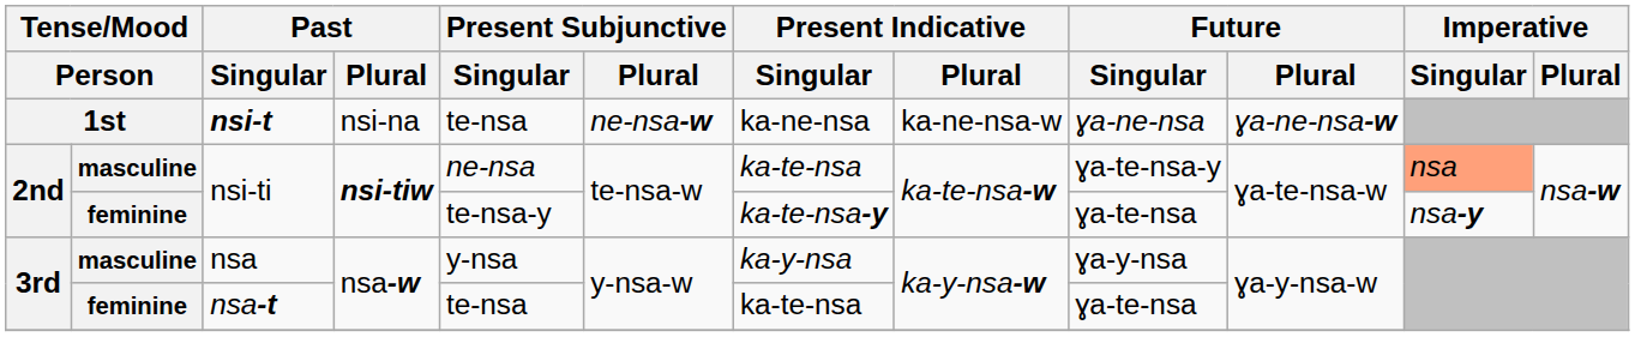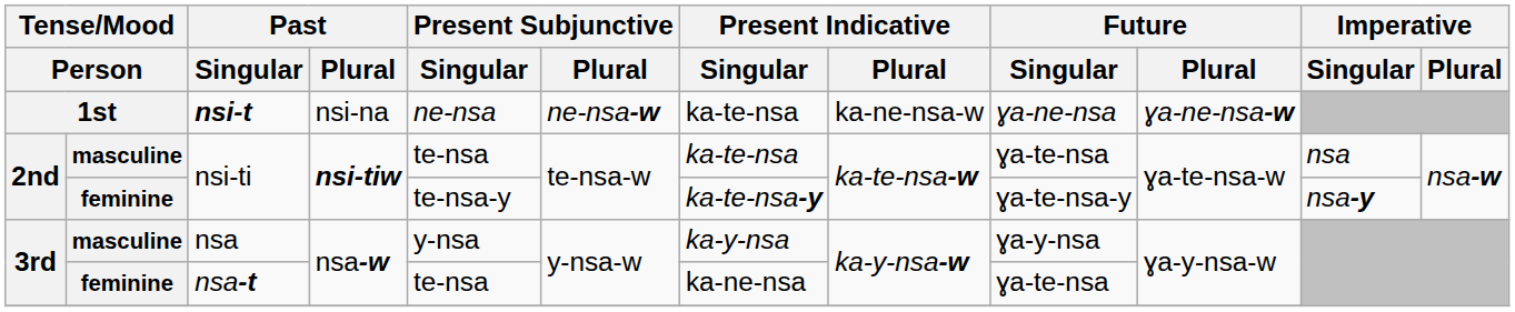 <table class="wikitable">
 <tr>
 <th colspan=2>Tense/Mood</th>
 <th colspan=2>Past</th>
 <th colspan=2>Present Subjunctive</th>
 <th colspan=2>Present Indicative</th>
 <th colspan=2>Future</th>
 <th colspan=2>Imperative</th>
 </tr>
 <tr>
 <th colspan=2>Person</th>
 <th>Singular</th>
 <th>Plural</th>
 <th>Singular</th>
 <th>Plural</th>
 <th>Singular</th>
 <th>Plural</th>
 <th>Singular</th>
 <th>Plural</th>
 <th>Singular</th>
 <th>Plural</th>
 </tr>
 <tr>
 <th colspan=2>1st</th>
 <td><strong><em>nsi<strong>-t<em></td>
 <td></em></strong>nsi</strong>-na</em></td>
-<td></em>te-nsa<em></td>
+<td><em>ne-nsa</em></td>
 <td><em>ne-nsa<strong>-w<strong><em></td>
-<td></em>ka-ne-nsa<em></td>
+<td></em>ka-te-nsa<em></td>
 <td></em>ka-ne-nsa</strong>-w</em></strong></td>
 <td><em>ɣa-ne-nsa</em></td>
 <td><em>ɣa-ne-nsa<strong>-w<strong><em></td>
 <td colspan=2 style=background:silver></td>
 </tr>
 <tr>
 <th rowspan=2>2nd</th>
 <th><small>masculine</small></th>
 <td rowspan=2></em></strong>nsi</strong>-ti</em></td>
 <td rowspan=2><strong><em>nsi<strong>-tiw<em></td>
-<td><em>ne-nsa</em></td>
+<td></em>te-nsa<em></td>
 <td rowspan=2></em>te-nsa</strong>-w</em></strong></td>
 <td><em>ka-te-nsa</em></td>
 <td rowspan=2><em>ka-te-nsa<strong>-w<strong><em></td>
-<td></em>ɣa-te-nsa</strong>-y</em></strong></td>
+<td></em>ɣa-te-nsa<em></td>
 <td rowspan=2></em>ɣa-te-nsa</strong>-w</em></strong></td>
-<td style="background: lightsalmon;"><em>nsa</em></td>
+<td><em>nsa</em></td>
 <td rowspan=2><em>nsa<strong>-w<strong><em></td>
 </tr>
 <tr>
 <th><small>feminine</small></th>
 <td></em>te-nsa</strong>-y</em></strong></td>
 <td><em>ka-te-nsa<strong>-y<strong><em></td>
-<td></em>ɣa-te-nsa<em></td>
+<td></em>ɣa-te-nsa</strong>-y</em></strong></td>
 <td><em>nsa<strong>-y<strong><em></td>
 </tr>
 <tr>
 <th rowspan=2>3rd</th>
 <th><small>masculine</small></th>
 <td></em></strong>nsa<strong><em></td>
 <td rowspan=2></em></strong>nsa<strong><em>-w</td>
 <td></em>y-nsa<em></td>
 <td rowspan=2></em>y-nsa</strong>-w</em></strong></td>
 <td><em>ka-y-nsa</em></td>
 <td rowspan=2><em>ka-y-nsa<strong>-w<strong><em></td>
 <td></em>ɣa-y-nsa<em></td>
 <td rowspan=2></em>ɣa-y-nsa</strong>-w</em></strong></td>
 <td rowspan=2 colspan=2 style=background:silver></td>
 </tr>
 <tr>
 <th><small>feminine</small></th>
 <td><em>nsa<strong>-t<strong><em></td>
 <td></em>te-nsa<em></td>
-<td></em>ka-te-nsa<em></td>
+<td></em>ka-ne-nsa<em></td>
 <td></em>ɣa-te-nsa<em></td>
 </tr>
 <tr>
 </tr>
 </table>
